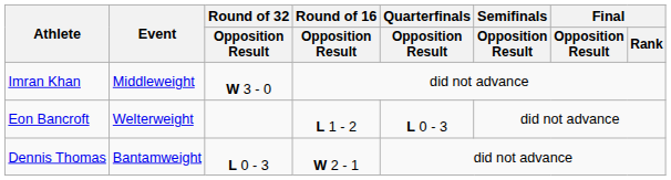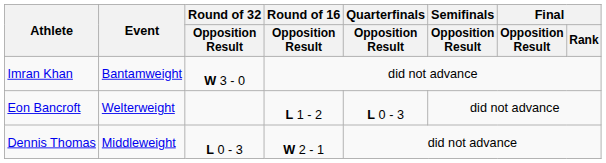 <table class="wikitable" style="font-size:90%;">
 <tr>
 <th rowspan=2>Athlete</th>
 <th rowspan=2>Event</th>
 <th>Round of 32</th>
 <th>Round of 16</th>
 <th>Quarterfinals</th>
 <th>Semifinals</th>
 <th colspan=2>Final</th>
 </tr>
 <tr style="font-size:95%">
 <th>Opposition<br>Result</th>
 <th>Opposition<br>Result</th>
 <th>Opposition<br>Result</th>
 <th>Opposition<br>Result</th>
 <th>Opposition<br>Result</th>
 <th>Rank</th>
 </tr>
 <tr align=center>
 <td align=left><a href='#'>Imran Khan</a></td>
-<td align=left><a href='#'>Middleweight</a></td>
+<td align=left><a href='#'>Bantamweight</a></td>
 <td><br><strong>W</strong> 3 - 0</td>
 <td colspan=5>did not advance</td>
 </tr>
 <tr align=center>
 <td align=left><a href='#'>Eon Bancroft</a></td>
 <td align=left><a href='#'>Welterweight</a></td>
 <td></td>
 <td><br><strong>L</strong> 1 - 2</td>
 <td><br><strong>L</strong> 0 - 3</td>
 <td colspan=3>did not advance</td>
 </tr>
 <tr align=center>
 <td align=left><a href='#'>Dennis Thomas</a></td>
-<td align=left><a href='#'>Bantamweight</a></td>
+<td align=left><a href='#'>Middleweight</a></td>
 <td><br><strong>L</strong> 0 - 3</td>
 <td><br><strong>W</strong> 2 - 1</td>
 <td colspan=4>did not advance</td>
 </tr>
 </table>
